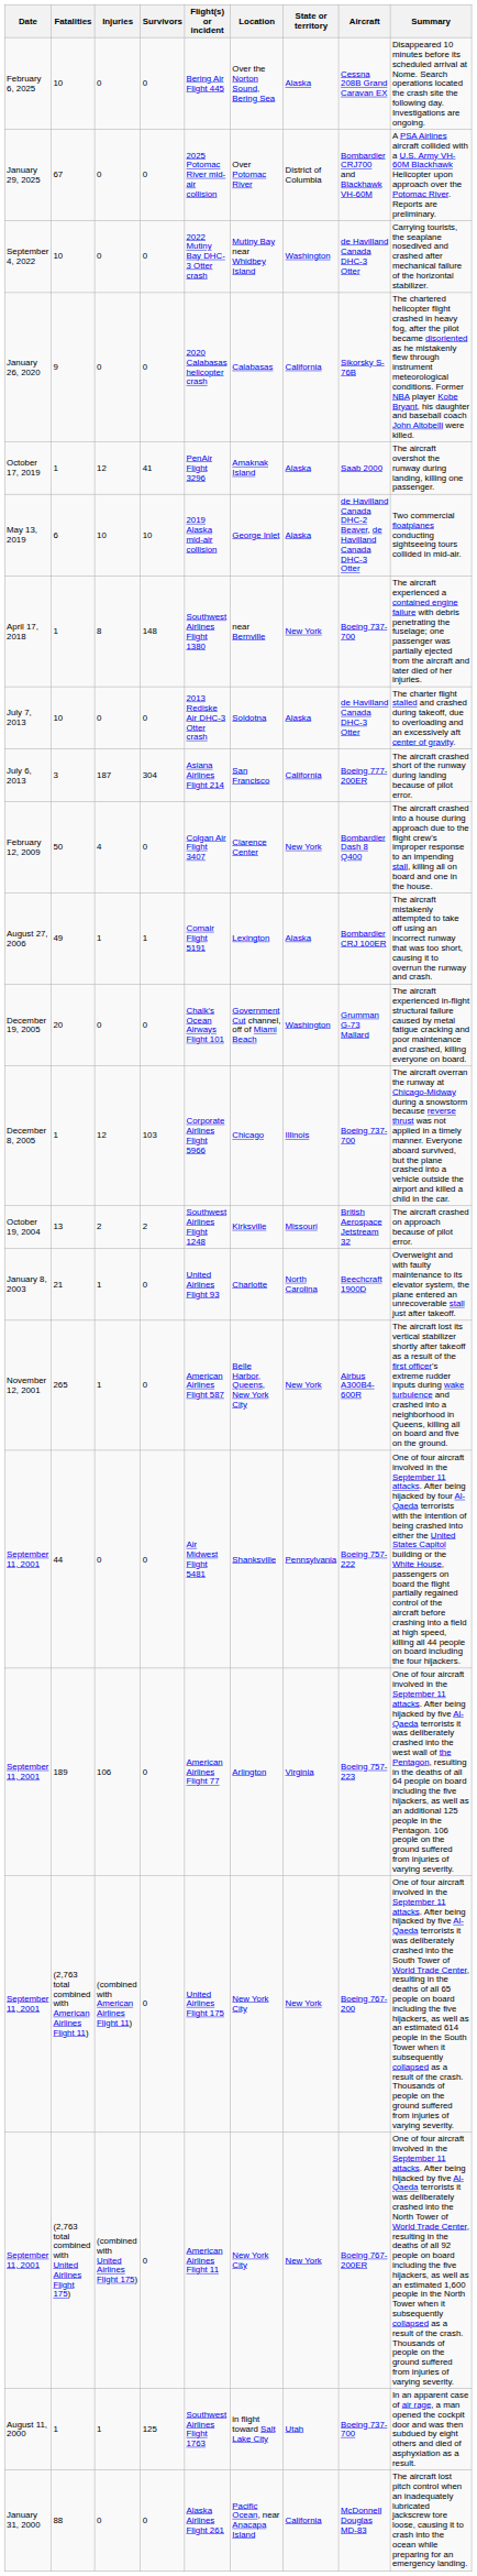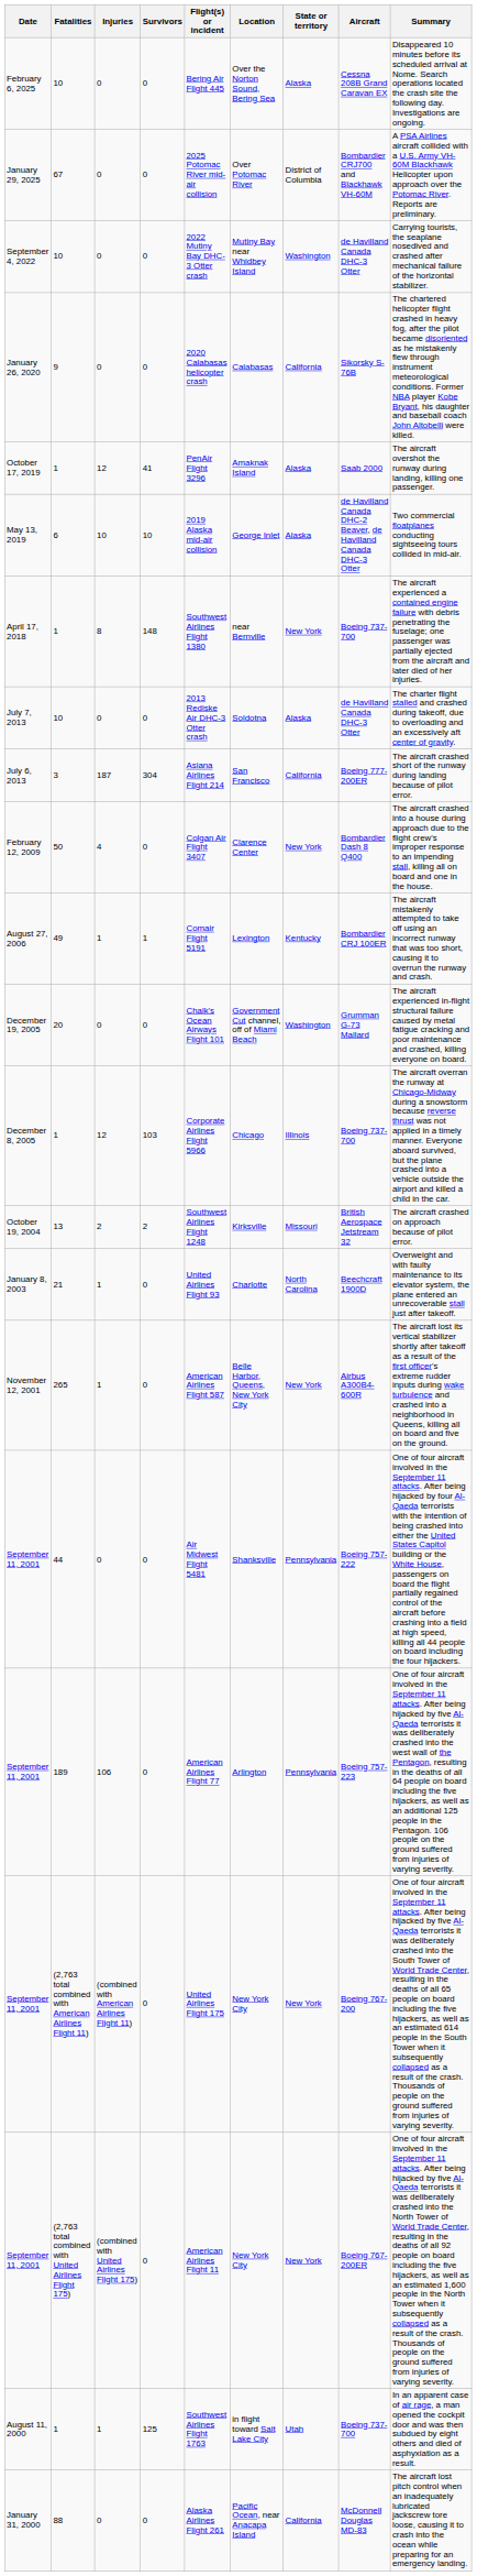 <table class="wikitable sortable sticky-header">
 <tr>
 <th data-sort-type=usLongDate>Date</th>
 <th>Fatalities</th>
 <th>Injuries</th>
 <th>Survivors</th>
 <th>Flight(s) or incident</th>
 <th>Location</th>
 <th>State or territory</th>
 <th>Aircraft</th>
 <th>Summary</th>
 </tr>
 <tr>
 <td>February 6, 2025</td>
 <td>10</td>
 <td>0</td>
 <td>0</td>
 <td><a href='#'>Bering Air Flight 445</a></td>
 <td>Over the <a href='#'>Norton Sound</a>, <a href='#'>Bering Sea</a></td>
 <td><a href='#'>Alaska</a></td>
 <td><a href='#'>Cessna 208B Grand Caravan EX</a></td>
 <td>Disappeared 10 minutes before its scheduled arrival at Nome. Search operations located the crash site the following day. Investigations are ongoing.</td>
 </tr>
 <tr>
 <td>January 29, 2025</td>
 <td>67</td>
 <td>0</td>
 <td>0</td>
 <td><a href='#'>2025 Potomac River mid-air collision</a></td>
 <td>Over <a href='#'>Potomac River</a></td>
 <td>District of Columbia</td>
 <td><a href='#'>Bombardier CRJ700</a> and <a href='#'>Blackhawk VH-60M</a></td>
 <td>A <a href='#'>PSA Airlines</a> aircraft collided with a <a href='#'>U.S. Army VH-60M Blackhawk</a> Helicopter upon approach over the <a href='#'>Potomac River</a>. Reports are preliminary.</td>
 </tr>
 <tr>
 <td>September 4, 2022</td>
 <td>10</td>
 <td>0</td>
 <td>0</td>
 <td><a href='#'>2022 Mutiny Bay DHC-3 Otter crash</a></td>
 <td><a href='#'>Mutiny Bay</a> near <a href='#'>Whidbey Island</a></td>
 <td><a href='#'>Washington</a></td>
 <td><a href='#'>de Havilland Canada DHC-3 Otter</a></td>
 <td>Carrying tourists, the seaplane nosedived and crashed after mechanical failure of the horizontal stabilizer.</td>
 </tr>
 <tr>
 <td>January 26, 2020</td>
 <td>9</td>
 <td>0</td>
 <td>0</td>
 <td><a href='#'>2020 Calabasas helicopter crash</a></td>
 <td><a href='#'>Calabasas</a></td>
 <td><a href='#'>California</a></td>
 <td><a href='#'>Sikorsky S-76B</a></td>
 <td>The chartered helicopter flight crashed in heavy fog, after the pilot became <a href='#'>disoriented</a> as he mistakenly flew through instrument meteorological conditions. Former <a href='#'>NBA</a> player <a href='#'>Kobe Bryant</a>, his daughter and baseball coach <a href='#'>John Altobelli</a> were killed.</td>
 </tr>
 <tr>
 <td>October 17, 2019</td>
 <td>1</td>
 <td>12</td>
 <td>41</td>
 <td><a href='#'>PenAir Flight 3296</a></td>
 <td><a href='#'>Amaknak Island</a></td>
 <td><a href='#'>Alaska</a></td>
 <td><a href='#'>Saab 2000</a></td>
 <td>The aircraft overshot the runway during landing, killing one passenger.</td>
 </tr>
 <tr>
 <td>May 13, 2019</td>
 <td>6</td>
 <td>10</td>
 <td>10</td>
 <td><a href='#'>2019 Alaska mid-air collision</a></td>
 <td><a href='#'>George Inlet</a></td>
 <td><a href='#'>Alaska</a></td>
 <td><a href='#'>de Havilland Canada DHC-2 Beaver</a>, <a href='#'>de Havilland Canada DHC-3 Otter</a></td>
 <td>Two commercial <a href='#'>floatplanes</a> conducting sightseeing tours collided in mid-air.</td>
 </tr>
 <tr>
 <td>April 17, 2018</td>
 <td>1</td>
 <td>8</td>
 <td>148</td>
 <td><a href='#'>Southwest Airlines Flight 1380</a></td>
 <td>near <a href='#'>Bernville</a></td>
 <td><a href='#'>New York</a></td>
 <td><a href='#'>Boeing 737-700</a></td>
 <td>The aircraft experienced a <a href='#'>contained engine failure</a> with debris penetrating the fuselage; one passenger was partially ejected from the aircraft and later died of her injuries.</td>
 </tr>
 <tr>
 <td>July 7, 2013</td>
 <td>10</td>
 <td>0</td>
 <td>0</td>
 <td><a href='#'>2013 Rediske Air DHC-3 Otter crash</a></td>
 <td><a href='#'>Soldotna</a></td>
 <td><a href='#'>Alaska</a></td>
 <td><a href='#'>de Havilland Canada DHC-3 Otter</a></td>
 <td>The charter flight <a href='#'>stalled</a> and crashed during takeoff, due to overloading and an excessively aft <a href='#'>center of gravity</a>.</td>
 </tr>
 <tr>
 <td>July 6, 2013</td>
 <td>3</td>
 <td>187</td>
 <td>304</td>
 <td><a href='#'>Asiana Airlines Flight 214</a></td>
 <td><a href='#'>San Francisco</a></td>
 <td><a href='#'>California</a></td>
 <td><a href='#'>Boeing 777-200ER</a></td>
 <td>The aircraft crashed short of the runway during landing because of pilot error.</td>
 </tr>
 <tr>
 <td>February 12, 2009</td>
 <td>50</td>
 <td>4</td>
 <td>0</td>
 <td><a href='#'>Colgan Air Flight 3407</a></td>
 <td><a href='#'>Clarence Center</a></td>
 <td><a href='#'>New York</a></td>
 <td><a href='#'>Bombardier Dash 8 Q400</a></td>
 <td>The aircraft crashed into a house during approach due to the flight crew's improper response to an impending <a href='#'>stall</a>, killing all on board and one in the house.</td>
 </tr>
 <tr>
 <td>August 27, 2006</td>
 <td>49</td>
 <td>1</td>
 <td>1</td>
 <td><a href='#'>Comair Flight 5191</a></td>
 <td><a href='#'>Lexington</a></td>
-<td><a href='#'>Alaska</a></td>
+<td><a href='#'>Kentucky</a></td>
 <td><a href='#'>Bombardier CRJ 100ER</a></td>
 <td>The aircraft mistakenly attempted to take off using an incorrect runway that was too short, causing it to overrun the runway and crash.</td>
 </tr>
 <tr>
 <td>December 19, 2005</td>
 <td>20</td>
 <td>0</td>
 <td>0</td>
 <td><a href='#'>Chalk's Ocean Airways Flight 101</a></td>
 <td><a href='#'>Government Cut</a> channel, off of <a href='#'>Miami Beach</a></td>
 <td><a href='#'>Washington</a></td>
 <td><a href='#'>Grumman G-73 Mallard</a></td>
 <td>The aircraft experienced in-flight structural failure caused by metal fatigue cracking and poor maintenance and crashed, killing everyone on board.</td>
 </tr>
 <tr>
 <td>December 8, 2005</td>
 <td>1</td>
 <td>12</td>
 <td>103</td>
 <td><a href='#'>Corporate Airlines Flight 5966</a></td>
 <td><a href='#'>Chicago</a></td>
 <td><a href='#'>Illinois</a></td>
 <td><a href='#'>Boeing 737-700</a></td>
 <td>The aircraft overran the runway at <a href='#'>Chicago-Midway</a> during a snowstorm because <a href='#'>reverse thrust</a> was not applied in a timely manner. Everyone aboard survived, but the plane crashed into a vehicle outside the airport and killed a child in the car.</td>
 </tr>
 <tr>
 <td>October 19, 2004</td>
 <td>13</td>
 <td>2</td>
 <td>2</td>
 <td><a href='#'>Southwest Airlines Flight 1248</a></td>
 <td><a href='#'>Kirksville</a></td>
 <td><a href='#'>Missouri</a></td>
 <td><a href='#'>British Aerospace Jetstream 32</a></td>
 <td>The aircraft crashed on approach because of pilot error.</td>
 </tr>
 <tr>
 <td>January 8, 2003</td>
 <td>21</td>
 <td>1</td>
 <td>0</td>
 <td><a href='#'>United Airlines Flight 93</a></td>
 <td><a href='#'>Charlotte</a></td>
 <td><a href='#'>North Carolina</a></td>
 <td><a href='#'>Beechcraft 1900D</a></td>
 <td>Overweight and with faulty maintenance to its elevator system, the plane entered an unrecoverable <a href='#'>stall</a> just after takeoff.</td>
 </tr>
 <tr>
 <td>November 12, 2001</td>
 <td>265</td>
 <td>1</td>
 <td>0</td>
 <td><a href='#'>American Airlines Flight 587</a></td>
 <td><a href='#'>Belle Harbor, Queens</a>, <a href='#'>New York City</a></td>
 <td><a href='#'>New York</a></td>
 <td><a href='#'>Airbus A300B4-600R</a></td>
 <td>The aircraft lost its vertical stabilizer shortly after takeoff as a result of the <a href='#'>first officer</a>'s extreme rudder inputs during <a href='#'>wake turbulence</a> and crashed into a neighborhood in Queens, killing all on board and five on the ground.</td>
 </tr>
 <tr>
 <td><a href='#'>September 11, 2001</a></td>
 <td>44</td>
 <td>0</td>
 <td>0</td>
 <td><a href='#'>Air Midwest Flight 5481</a></td>
 <td><a href='#'>Shanksville</a></td>
 <td><a href='#'>Pennsylvania</a></td>
 <td><a href='#'>Boeing 757-222</a></td>
 <td>One of four aircraft involved in the <a href='#'>September 11 attacks</a>. After being hijacked by four <a href='#'>Al-Qaeda</a> terrorists with the intention of being crashed into either the <a href='#'>United States Capitol</a> building or the <a href='#'>White House</a>, passengers on board the flight partially regained control of the aircraft before crashing into a field at high speed, killing all 44 people on board including the four hijackers.</td>
 </tr>
 <tr>
 <td><a href='#'>September 11, 2001</a></td>
 <td>189</td>
 <td>106</td>
 <td>0</td>
 <td><a href='#'>American Airlines Flight 77</a></td>
 <td><a href='#'>Arlington</a></td>
-<td><a href='#'>Virginia</a></td>
+<td><a href='#'>Pennsylvania</a></td>
 <td><a href='#'>Boeing 757-223</a></td>
 <td>One of four aircraft involved in the <a href='#'>September 11 attacks</a>. After being hijacked by five <a href='#'>Al-Qaeda</a> terrorists it was deliberately crashed into the west wall of <a href='#'>the Pentagon</a>, resulting in the deaths of all 64 people on board including the five hijackers, as well as an additional 125 people in the Pentagon. 106 people on the ground suffered from injuries of varying severity.</td>
 </tr>
 <tr>
 <td><a href='#'>September 11, 2001</a></td>
 <td> (2,763 total combined with <a href='#'>American Airlines Flight 11</a>)</td>
 <td> (combined with <a href='#'>American Airlines Flight 11</a>)</td>
 <td>0</td>
 <td><a href='#'>United Airlines Flight 175</a></td>
 <td><a href='#'>New York City</a></td>
 <td><a href='#'>New York</a></td>
 <td><a href='#'>Boeing 767-200</a></td>
 <td>One of four aircraft involved in the <a href='#'>September 11 attacks</a>. After being hijacked by five <a href='#'>Al-Qaeda</a> terrorists it was deliberately crashed into the South Tower of <a href='#'>World Trade Center</a>, resulting in the deaths of all 65 people on board including the five hijackers, as well as an estimated 614 people in the South Tower when it subsequently <a href='#'>collapsed</a> as a result of the crash. Thousands of people on the ground suffered from injuries of varying severity.</td>
 </tr>
 <tr>
 <td><a href='#'>September 11, 2001</a></td>
 <td> (2,763 total combined with <a href='#'>United Airlines Flight 175</a>)</td>
 <td> (combined with <a href='#'>United Airlines Flight 175</a>)</td>
 <td>0</td>
 <td><a href='#'>American Airlines Flight 11</a></td>
 <td><a href='#'>New York City</a></td>
 <td><a href='#'>New York</a></td>
 <td><a href='#'>Boeing 767-200ER</a></td>
 <td>One of four aircraft involved in the <a href='#'>September 11 attacks</a>. After being hijacked by five <a href='#'>Al-Qaeda</a> terrorists it was deliberately crashed into the North Tower of <a href='#'>World Trade Center</a>, resulting in the deaths of all 92 people on board including the five hijackers, as well as an estimated 1,600 people in the North Tower when it subsequently <a href='#'>collapsed</a> as a result of the crash. Thousands of people on the ground suffered from injuries of varying severity.</td>
 </tr>
 <tr>
 <td>August 11, 2000</td>
 <td>1</td>
 <td>1</td>
 <td>125</td>
 <td><a href='#'>Southwest Airlines Flight 1763</a></td>
 <td>in flight toward <a href='#'>Salt Lake City</a></td>
 <td><a href='#'>Utah</a></td>
 <td><a href='#'>Boeing 737-700</a></td>
 <td>In an apparent case of <a href='#'>air rage</a>, a man opened the cockpit door and was then subdued by eight others and died of asphyxiation as a result.</td>
 </tr>
 <tr>
 <td>January 31, 2000</td>
 <td>88</td>
 <td>0</td>
 <td>0</td>
 <td><a href='#'>Alaska Airlines Flight 261</a></td>
 <td><a href='#'>Pacific Ocean</a>, near <a href='#'>Anacapa Island</a></td>
 <td><a href='#'>California</a></td>
 <td><a href='#'>McDonnell Douglas MD-83</a></td>
 <td>The aircraft lost pitch control when an inadequately lubricated jackscrew tore loose, causing it to crash into the ocean while preparing for an emergency landing.</td>
 </tr>
 </table>
